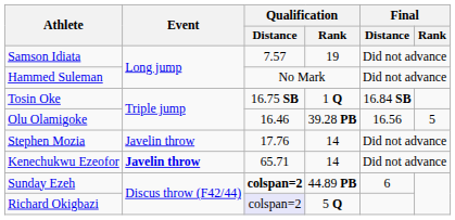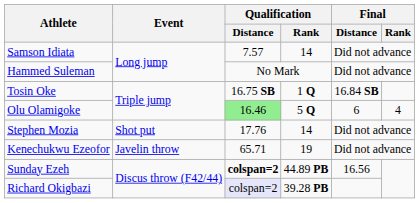 <table class="wikitable" style="font-size:90%">
 <tr>
 <th rowspan=2>Athlete</th>
 <th rowspan=2>Event</th>
 <th colspan=2>Qualification</th>
 <th colspan=2>Final</th>
 </tr>
 <tr style="font-size:95%">
 <th>Distance</th>
 <th>Rank</th>
 <th>Distance</th>
 <th>Rank</th>
 </tr>
 <tr align=center>
 <td align=left><a href='#'>Samson Idiata</a></td>
 <td style="text-align:left;" rowspan="2"><a href='#'>Long jump</a></td>
 <td>7.57</td>
-<td>19</td>
+<td>14</td>
 <td colspan=2>Did not advance</td>
 </tr>
 <tr align=center>
 <td align=left><a href='#'>Hammed Suleman</a></td>
 <td colspan=2>No Mark</td>
 <td colspan=2>Did not advance</td>
 </tr>
 <tr align=center>
 <td align=left><a href='#'>Tosin Oke</a></td>
 <td style="text-align:left;" rowspan="2"><a href='#'>Triple jump</a></td>
 <td>16.75 <strong>SB</strong></td>
 <td>1 <strong>Q</strong></td>
 <td>16.84 <strong>SB</strong></td>
 <td></td>
 </tr>
 <tr align=center>
 <td align=left><a href='#'>Olu Olamigoke</a></td>
-<td>16.46</td>
-<td>39.28 <strong>PB</strong></td>
-<td>16.56</td>
-<td>5</td>
+<td style="background: lightgreen;">16.46</td>
+<td>5 <strong>Q</strong></td>
+<td>6</td>
+<td>4</td>
 </tr>
 <tr align=center>
 <td align=left><a href='#'>Stephen Mozia</a></td>
-<td style="text-align:left;"><a href='#'>Javelin throw</a></td>
+<td align=left><a href='#'>Shot put</a></td>
 <td>17.76</td>
 <td>14</td>
 <td colspan=2>Did not advance</td>
 </tr>
 <tr align=center>
 <td align=left><a href='#'>Kenechukwu Ezeofor</a></td>
-<td style="text-align:left;"><strong><a href='#'>Javelin throw</a></strong></td>
+<td style="text-align:left;"><a href='#'>Javelin throw</a></td>
 <td>65.71</td>
-<td>14</td>
+<td>19</td>
 <td colspan=2>Did not advance</td>
 </tr>
 <tr align=center>
 <td align=left><a href='#'>Sunday Ezeh</a></td>
 <td style="text-align:left;" rowspan="2"><a href='#'>Discus throw (F42/44)</a></td>
 <td><strong>colspan=2 </strong></td>
 <td>44.89 <strong>PB</strong></td>
-<td>6</td>
+<td>16.56</td>
 </tr>
 <tr align=center>
 <td align=left><a href='#'>Richard Okigbazi</a></td>
 <td style="background: lavender;">colspan=2 </td>
-<td>5 <strong>Q</strong></td>
+<td>39.28 <strong>PB</strong></td>
 <td></td>
 </tr>
 </table>
